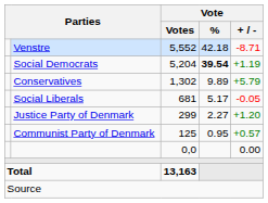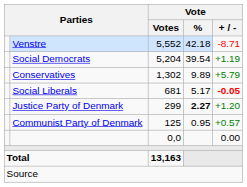 <table class="wikitable" style="text-align:right;">
 <tr>
 <th style="text-align:centre;" rowspan="2" colspan="2" width="225">Parties</th>
 <th colspan="3">Vote</th>
 </tr>
 <tr>
 <th width="15">Votes</th>
 <th width="15">%</th>
 <th width="15">+ / -</th>
 </tr>
 <tr>
 <td width="2" style="color:inherit;background:"></td>
 <td bgcolor=#cfe5fe  align="left"><a href='#'>Venstre</a></td>
 <td bgcolor=#cfe5fe>5,552</td>
 <td bgcolor=#cfe5fe>42.18</td>
 <td style=color:red;>-8.71</td>
 </tr>
 <tr>
 <td width="2" style="color:inherit;background:"></td>
 <td align="left"><a href='#'>Social Democrats</a></td>
 <td>5,204</td>
-<td><strong>39.54</strong></td>
+<td>39.54</td>
 <td style=color:green;>+1.19</td>
 </tr>
 <tr>
 <td width="2" style="color:inherit;background:"></td>
 <td align="left"><a href='#'>Conservatives</a></td>
 <td>1,302</td>
 <td>9.89</td>
 <td style=color:green;>+5.79</td>
 </tr>
 <tr>
 <td width="2" style="color:inherit;background:"></td>
 <td align="left"><a href='#'>Social Liberals</a></td>
 <td>681</td>
 <td>5.17</td>
-<td style=color:red;>-0.05</td>
+<td style=color:red;><strong>-0.05</strong></td>
 </tr>
 <tr>
 <td width="2" style="color:inherit;background:"></td>
 <td align="left"><a href='#'>Justice Party of Denmark</a></td>
 <td>299</td>
-<td>2.27</td>
+<td><strong>2.27</strong></td>
 <td style=color:green;>+1.20</td>
 </tr>
 <tr>
 <td width="2" style="color:inherit;background:"></td>
 <td align="left"><a href='#'>Communist Party of Denmark</a></td>
 <td>125</td>
 <td>0.95</td>
 <td style=color:green;>+0.57</td>
 </tr>
 <tr>
 <td width="2" style="color:inherit;background:"></td>
 <td align="left"></td>
 <td>0,0</td>
 <td></td>
 <td>0.00</td>
 </tr>
 <tr>
 <td colspan="7" bgcolor="#E9E9E9"></td>
 </tr>
 <tr>
 <td align="left" colspan="2"><strong>Total</strong></td>
 <td><strong>13,163</strong></td>
 <td bgcolor="#E9E9E9" colspan="2"></td>
 </tr>
 <tr>
 <td align="left" colspan="6">Source</td>
 </tr>
 </table>
